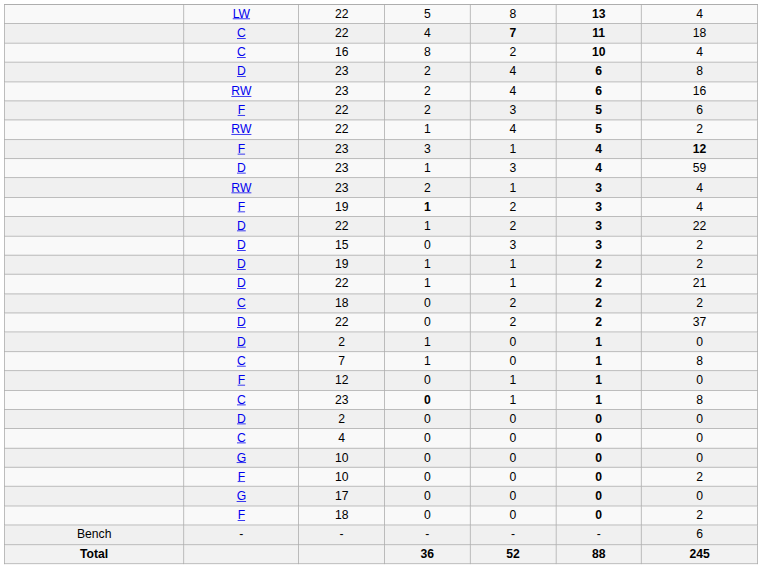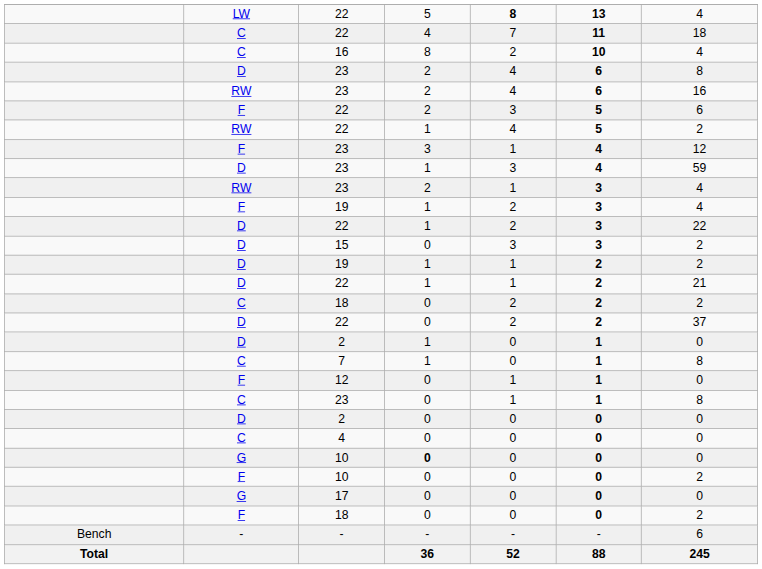 <table class="wikitable sortable" width ="50%">
 <tr align="center">
 </tr>
 <tr align="center" bgcolor="">
 <td></td>
 <td><a href='#'>LW</a></td>
 <td>22</td>
 <td>5</td>
-<td>8</td>
+<td><strong>8</strong></td>
 <td><strong>13</strong></td>
 <td>4</td>
 </tr>
 <tr align="center" bgcolor="f0f0f0">
 <td></td>
 <td><a href='#'>C</a></td>
 <td>22</td>
 <td>4</td>
-<td><strong>7</strong></td>
+<td>7</td>
 <td><strong>11</strong></td>
 <td>18</td>
 </tr>
 <tr align="center" bgcolor="">
 <td></td>
 <td><a href='#'>C</a></td>
 <td>16</td>
 <td>8</td>
 <td>2</td>
 <td><strong>10</strong></td>
 <td>4</td>
 </tr>
 <tr align="center" bgcolor="f0f0f0">
 <td></td>
 <td><a href='#'>D</a></td>
 <td>23</td>
 <td>2</td>
 <td>4</td>
 <td><strong>6</strong></td>
 <td>8</td>
 </tr>
 <tr align="center" bgcolor="">
 <td></td>
 <td><a href='#'>RW</a></td>
 <td>23</td>
 <td>2</td>
 <td>4</td>
 <td><strong>6</strong></td>
 <td>16</td>
 </tr>
 <tr align="center" bgcolor="f0f0f0">
 <td></td>
 <td><a href='#'>F</a></td>
 <td>22</td>
 <td>2</td>
 <td>3</td>
 <td><strong>5</strong></td>
 <td>6</td>
 </tr>
 <tr align="center" bgcolor="">
 <td></td>
 <td><a href='#'>RW</a></td>
 <td>22</td>
 <td>1</td>
 <td>4</td>
 <td><strong>5</strong></td>
 <td>2</td>
 </tr>
 <tr align="center" bgcolor="f0f0f0">
 <td></td>
 <td><a href='#'>F</a></td>
 <td>23</td>
 <td>3</td>
 <td>1</td>
 <td><strong>4</strong></td>
-<td><strong>12</strong></td>
+<td>12</td>
 </tr>
 <tr align="center" bgcolor="">
 <td></td>
 <td><a href='#'>D</a></td>
 <td>23</td>
 <td>1</td>
 <td>3</td>
 <td><strong>4</strong></td>
 <td>59</td>
 </tr>
 <tr align="center" bgcolor="f0f0f0">
 <td></td>
 <td><a href='#'>RW</a></td>
 <td>23</td>
 <td>2</td>
 <td>1</td>
 <td><strong>3</strong></td>
 <td>4</td>
 </tr>
 <tr align="center" bgcolor="">
 <td></td>
 <td><a href='#'>F</a></td>
 <td>19</td>
-<td><strong>1</strong></td>
+<td>1</td>
 <td>2</td>
 <td><strong>3</strong></td>
 <td>4</td>
 </tr>
 <tr align="center" bgcolor="f0f0f0">
 <td></td>
 <td><a href='#'>D</a></td>
 <td>22</td>
 <td>1</td>
 <td>2</td>
 <td><strong>3</strong></td>
 <td>22</td>
 </tr>
 <tr align="center" bgcolor="">
 <td></td>
 <td><a href='#'>D</a></td>
 <td>15</td>
 <td>0</td>
 <td>3</td>
 <td><strong>3</strong></td>
 <td>2</td>
 </tr>
 <tr align="center" bgcolor="f0f0f0">
 <td></td>
 <td><a href='#'>D</a></td>
 <td>19</td>
 <td>1</td>
 <td>1</td>
 <td><strong>2</strong></td>
 <td>2</td>
 </tr>
 <tr align="center" bgcolor="">
 <td></td>
 <td><a href='#'>D</a></td>
 <td>22</td>
 <td>1</td>
 <td>1</td>
 <td><strong>2</strong></td>
 <td>21</td>
 </tr>
 <tr align="center" bgcolor="f0f0f0">
 <td></td>
 <td><a href='#'>C</a></td>
 <td>18</td>
 <td>0</td>
 <td>2</td>
 <td><strong>2</strong></td>
 <td>2</td>
 </tr>
 <tr align="center" bgcolor="">
 <td></td>
 <td><a href='#'>D</a></td>
 <td>22</td>
 <td>0</td>
 <td>2</td>
 <td><strong>2</strong></td>
 <td>37</td>
 </tr>
 <tr align="center" bgcolor="f0f0f0">
 <td></td>
 <td><a href='#'>D</a></td>
 <td>2</td>
 <td>1</td>
 <td>0</td>
 <td><strong>1</strong></td>
 <td>0</td>
 </tr>
 <tr align="center" bgcolor="">
 <td></td>
 <td><a href='#'>C</a></td>
 <td>7</td>
 <td>1</td>
 <td>0</td>
 <td><strong>1</strong></td>
 <td>8</td>
 </tr>
 <tr align="center" bgcolor="f0f0f0">
 <td></td>
 <td><a href='#'>F</a></td>
 <td>12</td>
 <td>0</td>
 <td>1</td>
 <td><strong>1</strong></td>
 <td>0</td>
 </tr>
 <tr align="center" bgcolor="">
 <td></td>
 <td><a href='#'>C</a></td>
 <td>23</td>
-<td><strong>0</strong></td>
+<td>0</td>
 <td>1</td>
 <td><strong>1</strong></td>
 <td>8</td>
 </tr>
 <tr align="center" bgcolor="f0f0f0">
 <td></td>
 <td><a href='#'>D</a></td>
 <td>2</td>
 <td>0</td>
 <td>0</td>
 <td><strong>0</strong></td>
 <td>0</td>
 </tr>
 <tr align="center" bgcolor="">
 <td></td>
 <td><a href='#'>C</a></td>
 <td>4</td>
 <td>0</td>
 <td>0</td>
 <td><strong>0</strong></td>
 <td>0</td>
 </tr>
 <tr align="center" bgcolor="f0f0f0">
 <td></td>
 <td><a href='#'>G</a></td>
 <td>10</td>
-<td>0</td>
+<td><strong>0</strong></td>
 <td>0</td>
 <td><strong>0</strong></td>
 <td>0</td>
 </tr>
 <tr align="center" bgcolor="">
 <td></td>
 <td><a href='#'>F</a></td>
 <td>10</td>
 <td>0</td>
 <td>0</td>
 <td><strong>0</strong></td>
 <td>2</td>
 </tr>
 <tr align="center" bgcolor="f0f0f0">
 <td></td>
 <td><a href='#'>G</a></td>
 <td>17</td>
 <td>0</td>
 <td>0</td>
 <td><strong>0</strong></td>
 <td>0</td>
 </tr>
 <tr align="center" bgcolor="">
 <td></td>
 <td><a href='#'>F</a></td>
 <td>18</td>
 <td>0</td>
 <td>0</td>
 <td><strong>0</strong></td>
 <td>2</td>
 </tr>
 <tr align="center" bgcolor="f0f0f0">
 <td>Bench</td>
 <td>-</td>
 <td>-</td>
 <td>-</td>
 <td>-</td>
 <td>-</td>
 <td>6</td>
 </tr>
 <tr>
 <th>Total</th>
 <th></th>
 <th></th>
 <th>36</th>
 <th>52</th>
 <th>88</th>
 <th>245</th>
 </tr>
 </table>
